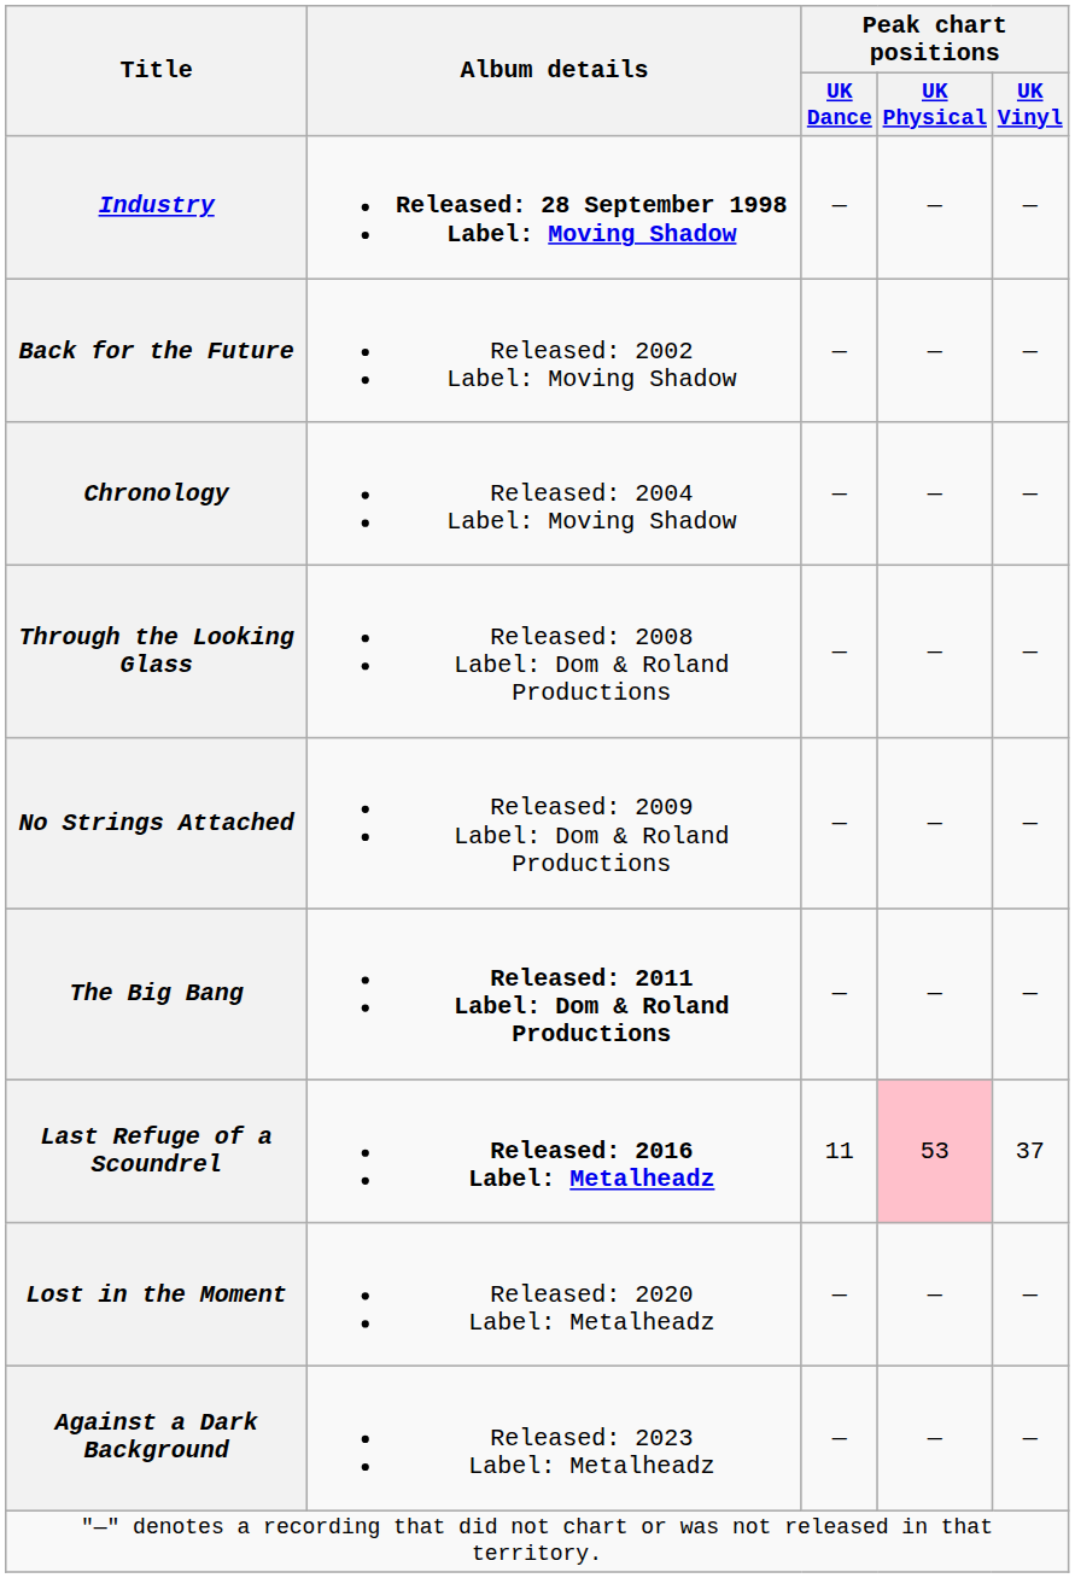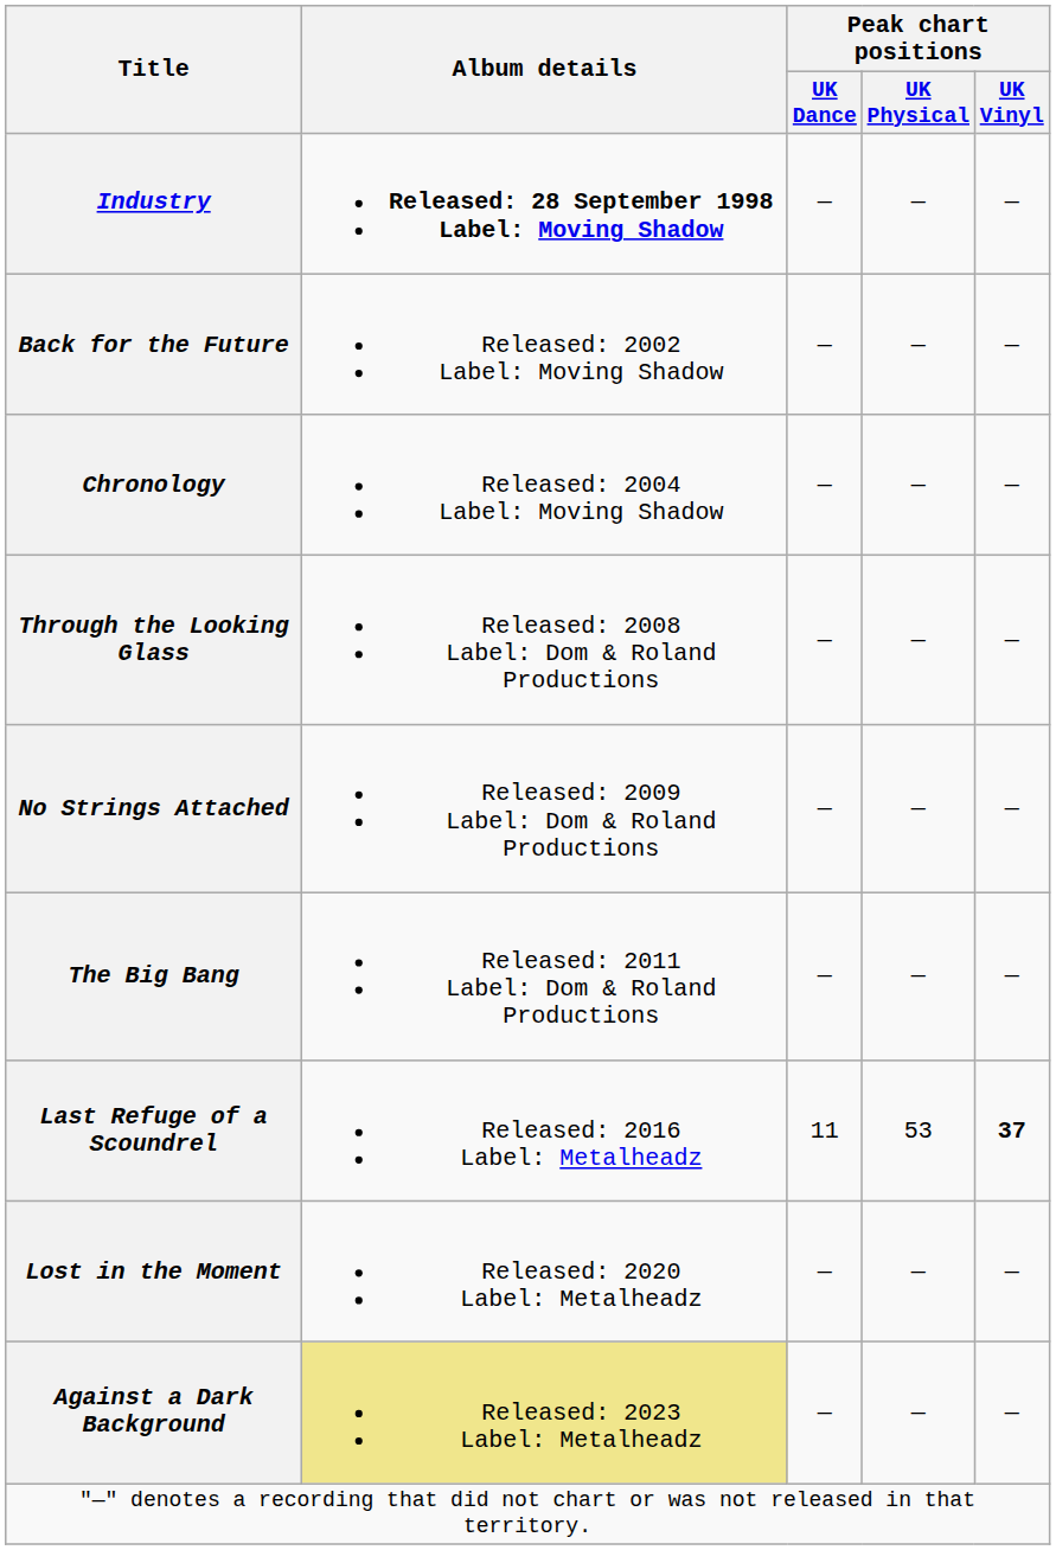 <table class="wikitable plainrowheaders" style="text-align:center;">
 <tr>
 <th rowspan="2" scope="col" style="width:12em;">Title</th>
 <th rowspan="2" scope="col" style="width:20em;">Album details</th>
 <th colspan="3" scope="col">Peak chart positions</th>
 </tr>
 <tr>
 <th scope="col" style="width:3em;font-size:90%;"><a href='#'>UK Dance</a></th>
 <th scope="col" style="width:3em;font-size:90%;"><a href='#'>UK Physical</a></th>
 <th scope="col" style="width:3em;font-size:90%;"><a href='#'>UK Vinyl</a></th>
 </tr>
 <tr>
 <th scope="row"><em><a href='#'>Industry</a></em></th>
 <td><strong><br><ul><li>Released: 28 September 1998</li><li>Label: <a href='#'>Moving Shadow</a></li></ul></strong></td>
 <td>—</td>
 <td>—</td>
 <td>—</td>
 </tr>
 <tr>
 <th scope="row"><em>Back for the Future</em></th>
 <td><br><ul><li>Released: 2002</li><li>Label: Moving Shadow</li></ul></td>
 <td>—</td>
 <td>—</td>
 <td>—</td>
 </tr>
 <tr>
 <th scope="row"><em>Chronology</em></th>
 <td><br><ul><li>Released: 2004</li><li>Label: Moving Shadow</li></ul></td>
 <td>—</td>
 <td>—</td>
 <td>—</td>
 </tr>
 <tr>
 <th scope="row"><em>Through the Looking Glass</em></th>
 <td><br><ul><li>Released: 2008</li><li>Label: Dom & Roland Productions</li></ul></td>
 <td>—</td>
 <td>—</td>
 <td>—</td>
 </tr>
 <tr>
 <th scope="row"><em>No Strings Attached</em></th>
 <td><br><ul><li>Released: 2009</li><li>Label: Dom & Roland Productions</li></ul></td>
 <td>—</td>
 <td>—</td>
 <td>—</td>
 </tr>
 <tr>
 <th scope="row"><em>The Big Bang</em></th>
-<td><strong><br><ul><li>Released: 2011</li><li>Label: Dom & Roland Productions</li></ul></strong></td>
+<td><br><ul><li>Released: 2011</li><li>Label: Dom & Roland Productions</li></ul></td>
 <td>—</td>
 <td>—</td>
 <td>—</td>
 </tr>
 <tr>
 <th scope="row"><em>Last Refuge of a Scoundrel</em></th>
-<td><strong><br><ul><li>Released: 2016</li><li>Label: <a href='#'>Metalheadz</a></li></ul></strong></td>
+<td><br><ul><li>Released: 2016</li><li>Label: <a href='#'>Metalheadz</a></li></ul></td>
 <td>11</td>
-<td style="background: pink;">53</td>
-<td>37</td>
+<td>53</td>
+<td><strong>37</strong></td>
 </tr>
 <tr>
 <th scope="row"><em>Lost in the Moment</em></th>
 <td><br><ul><li>Released: 2020</li><li>Label: Metalheadz</li></ul></td>
 <td>—</td>
 <td>—</td>
 <td>—</td>
 </tr>
 <tr>
 <th scope="row"><em>Against a Dark Background</em></th>
-<td><br><ul><li>Released: 2023</li><li>Label: Metalheadz</li></ul></td>
+<td style="background: khaki;"><br><ul><li>Released: 2023</li><li>Label: Metalheadz</li></ul></td>
 <td>—</td>
 <td>—</td>
 <td>—</td>
 </tr>
 <tr>
 <td colspan="12" style="font-size:90%">"—" denotes a recording that did not chart or was not released in that territory.</td>
 </tr>
 </table>
